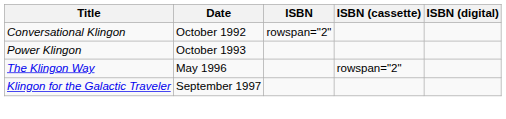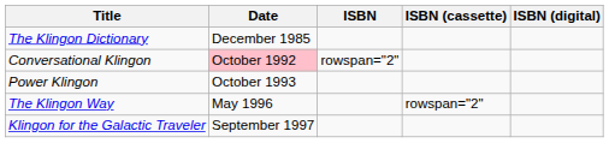 <table class="wikitable">
 <tr>
 <th>Title</th>
 <th>Date</th>
 <th>ISBN</th>
 <th>ISBN (cassette)</th>
 <th>ISBN (digital)</th>
 </tr>
 <tr>
+<td><em><a href='#'>The Klingon Dictionary</a></em></td>
+<td>December 1985</td>
+<td></td>
+<td></td>
+<td></td>
+</tr>
+<tr>
 <td><em>Conversational Klingon</em></td>
-<td>October 1992</td>
+<td style="background: pink;">October 1992</td>
 <td>rowspan="2" </td>
 <td></td>
 <td></td>
 </tr>
 <tr>
 <td><em>Power Klingon</em></td>
 <td>October 1993</td>
 <td></td>
 <td></td>
 </tr>
 <tr>
 <td><em><a href='#'>The Klingon Way</a></em></td>
 <td>May 1996</td>
 <td></td>
 <td>rowspan="2" </td>
 <td></td>
 </tr>
 <tr>
 <td><em><a href='#'>Klingon for the Galactic Traveler</a></em></td>
 <td>September 1997</td>
 <td></td>
 <td></td>
 </tr>
 </table>
